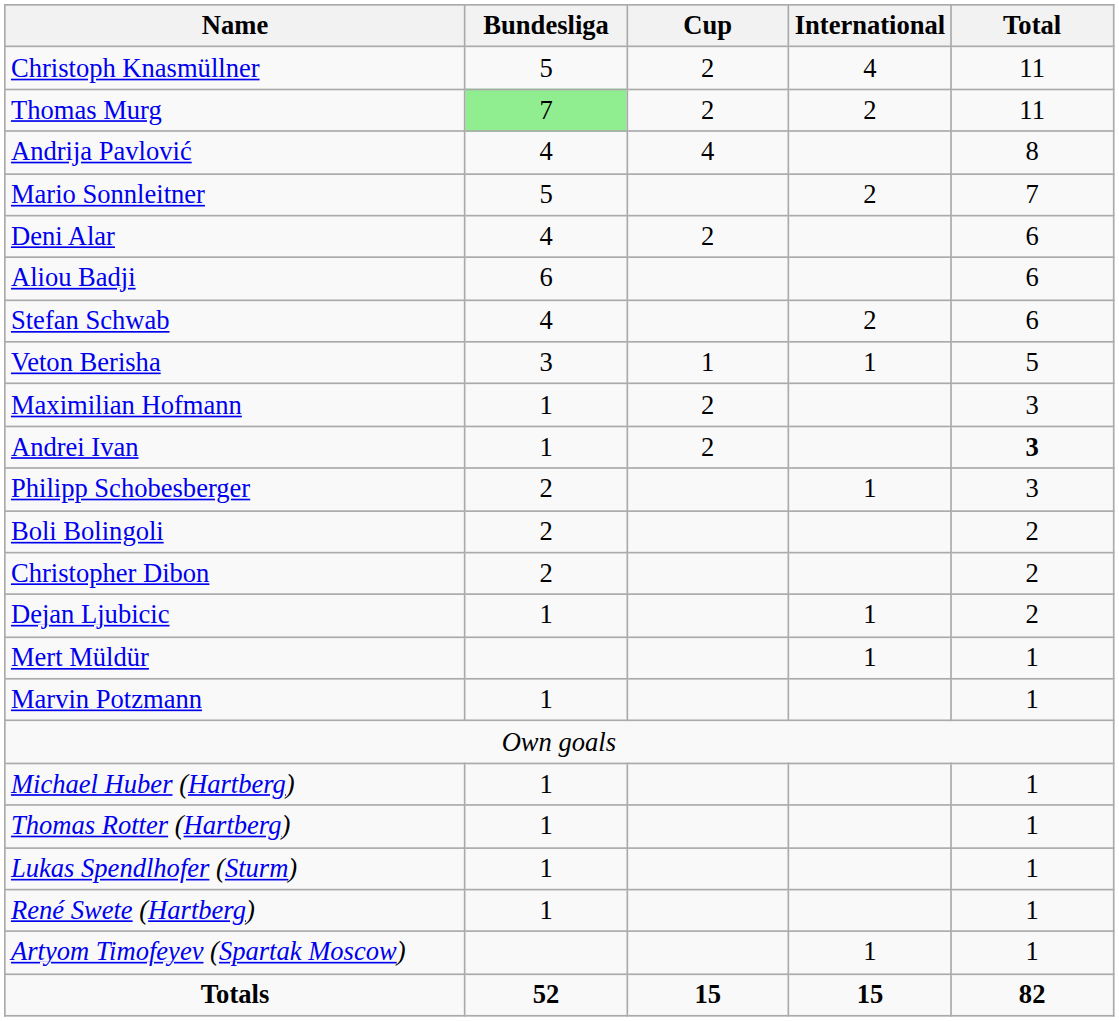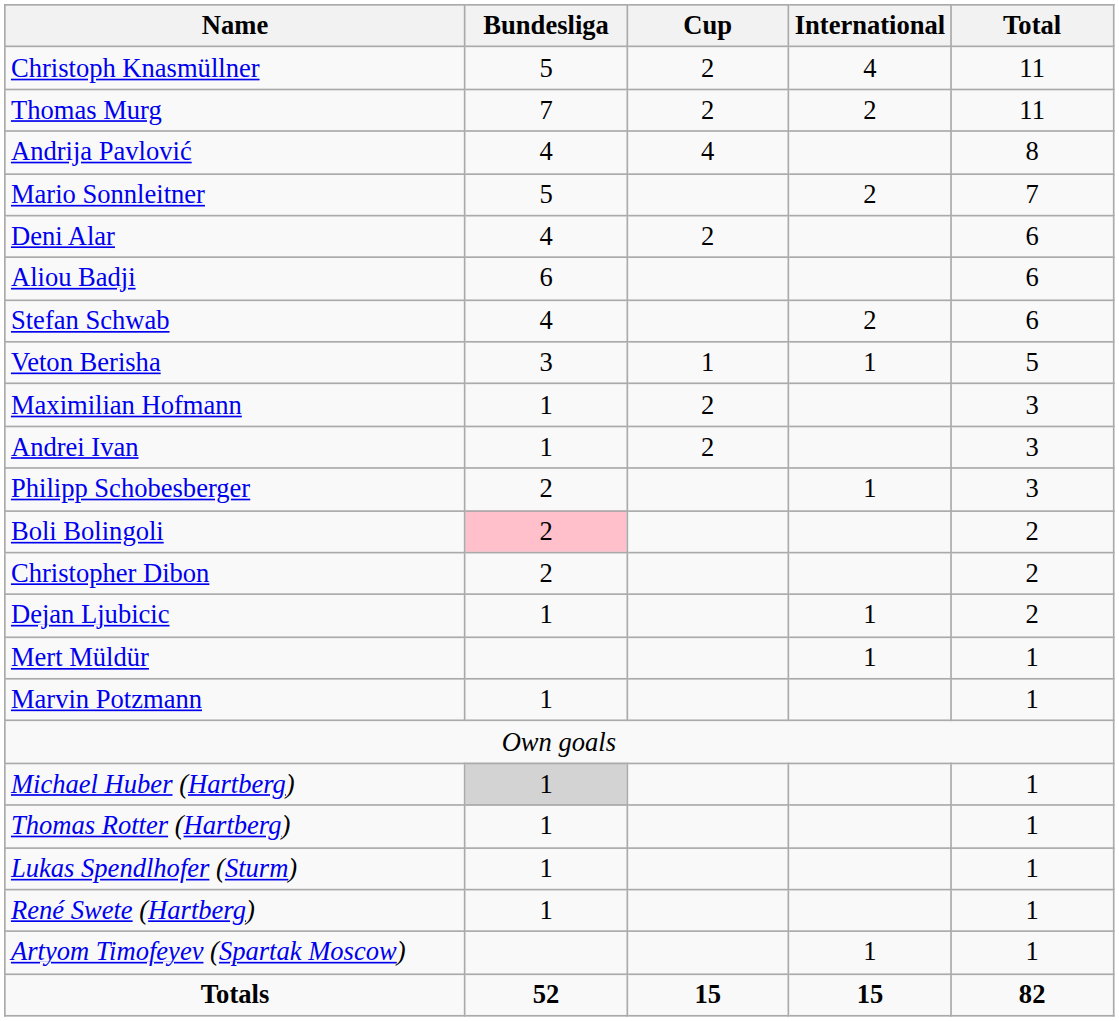 <table class="wikitable sortable" style="text-align: center;">
 <tr>
 <th class="unsortable" width=270>Name</th>
 <th width=90>Bundesliga</th>
 <th width=90>Cup</th>
 <th width=90>International</th>
 <th width=90>Total</th>
 </tr>
 <tr>
 <td align="left"> <a href='#'>Christoph Knasmüllner</a></td>
 <td>5</td>
 <td>2</td>
 <td>4</td>
 <td>11</td>
 </tr>
 <tr>
 <td align="left"> <a href='#'>Thomas Murg</a></td>
-<td style="background: lightgreen;">7</td>
+<td>7</td>
 <td>2</td>
 <td>2</td>
 <td>11</td>
 </tr>
 <tr>
 <td align="left"> <a href='#'>Andrija Pavlović</a></td>
 <td>4</td>
 <td>4</td>
 <td></td>
 <td>8</td>
 </tr>
 <tr>
 <td align="left"> <a href='#'>Mario Sonnleitner</a></td>
 <td>5</td>
 <td></td>
 <td>2</td>
 <td>7</td>
 </tr>
 <tr>
 <td align="left"> <a href='#'>Deni Alar</a></td>
 <td>4</td>
 <td>2</td>
 <td></td>
 <td>6</td>
 </tr>
 <tr>
 <td align="left"> <a href='#'>Aliou Badji</a></td>
 <td>6</td>
 <td></td>
 <td></td>
 <td>6</td>
 </tr>
 <tr>
 <td align="left"> <a href='#'>Stefan Schwab</a></td>
 <td>4</td>
 <td></td>
 <td>2</td>
 <td>6</td>
 </tr>
 <tr>
 <td align="left"> <a href='#'>Veton Berisha</a></td>
 <td>3</td>
 <td>1</td>
 <td>1</td>
 <td>5</td>
 </tr>
 <tr>
 <td align="left"> <a href='#'>Maximilian Hofmann</a></td>
 <td>1</td>
 <td>2</td>
 <td></td>
 <td>3</td>
 </tr>
 <tr>
 <td align="left"> <a href='#'>Andrei Ivan</a></td>
 <td>1</td>
 <td>2</td>
 <td></td>
-<td><strong>3</strong></td>
+<td>3</td>
 </tr>
 <tr>
 <td align="left"> <a href='#'>Philipp Schobesberger</a></td>
 <td>2</td>
 <td></td>
 <td>1</td>
 <td>3</td>
 </tr>
 <tr>
 <td align="left"> <a href='#'>Boli Bolingoli</a></td>
-<td>2</td>
+<td style="background: pink;">2</td>
 <td></td>
 <td></td>
 <td>2</td>
 </tr>
 <tr>
 <td align="left"> <a href='#'>Christopher Dibon</a></td>
 <td>2</td>
 <td></td>
 <td></td>
 <td>2</td>
 </tr>
 <tr>
 <td align="left"> <a href='#'>Dejan Ljubicic</a></td>
 <td>1</td>
 <td></td>
 <td>1</td>
 <td>2</td>
 </tr>
 <tr>
 <td align="left"> <a href='#'>Mert Müldür</a></td>
 <td></td>
 <td></td>
 <td>1</td>
 <td>1</td>
 </tr>
 <tr>
 <td align="left"> <a href='#'>Marvin Potzmann</a></td>
 <td>1</td>
 <td></td>
 <td></td>
 <td>1</td>
 </tr>
 <tr class="sortbottom">
 <td colspan="5"><em>Own goals</em></td>
 </tr>
 <tr class="sortbottom">
 <td align="left"> <em><a href='#'>Michael Huber</a> (<a href='#'>Hartberg</a>)</em></td>
-<td>1</td>
+<td style="background: lightgrey;">1</td>
 <td></td>
 <td></td>
 <td>1</td>
 </tr>
 <tr class="sortbottom">
 <td align="left"> <em><a href='#'>Thomas Rotter</a> (<a href='#'>Hartberg</a>)</em></td>
 <td>1</td>
 <td></td>
 <td></td>
 <td>1</td>
 </tr>
 <tr class="sortbottom">
 <td align="left"> <em><a href='#'>Lukas Spendlhofer</a> (<a href='#'>Sturm</a>)</em></td>
 <td>1</td>
 <td></td>
 <td></td>
 <td>1</td>
 </tr>
 <tr class="sortbottom">
 <td align="left"> <em><a href='#'>René Swete</a> (<a href='#'>Hartberg</a>)</em></td>
 <td>1</td>
 <td></td>
 <td></td>
 <td>1</td>
 </tr>
 <tr class="sortbottom">
 <td align="left"> <em><a href='#'>Artyom Timofeyev</a> (<a href='#'>Spartak Moscow</a>)</em></td>
 <td></td>
 <td></td>
 <td>1</td>
 <td>1</td>
 </tr>
 <tr class="sortbottom">
 <td><strong>Totals</strong></td>
 <td><strong>52</strong></td>
 <td><strong>15</strong></td>
 <td><strong>15</strong></td>
 <td><strong>82</strong></td>
 </tr>
 </table>
